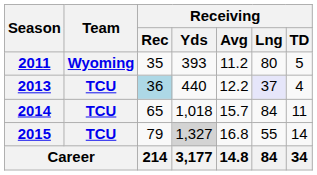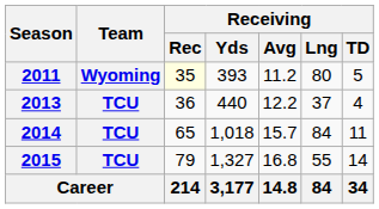 <table class="wikitable" style="text-align:center;">
 <tr>
 <th rowspan="2">Season</th>
 <th rowspan="2">Team</th>
 <th colspan="5">Receiving</th>
 </tr>
 <tr>
 <th>Rec</th>
 <th>Yds</th>
 <th>Avg</th>
 <th>Lng</th>
 <th>TD</th>
 </tr>
 <tr>
 <th><a href='#'>2011</a></th>
 <th><a href='#'>Wyoming</a></th>
-<td>35</td>
+<td style="background: lightyellow;">35</td>
 <td>393</td>
 <td>11.2</td>
 <td>80</td>
 <td>5</td>
 </tr>
 <tr>
 <th><a href='#'>2013</a></th>
 <th><a href='#'>TCU</a></th>
-<td style="background: lightblue;">36</td>
+<td>36</td>
 <td>440</td>
 <td>12.2</td>
-<td style="background: lavender;">37</td>
+<td>37</td>
 <td>4</td>
 </tr>
 <tr>
 <th><a href='#'>2014</a></th>
 <th><a href='#'>TCU</a></th>
 <td>65</td>
 <td>1,018</td>
 <td>15.7</td>
 <td>84</td>
 <td>11</td>
 </tr>
 <tr>
 <th><a href='#'>2015</a></th>
 <th><a href='#'>TCU</a></th>
 <td>79</td>
-<td style="background: lightgrey;">1,327</td>
+<td>1,327</td>
 <td>16.8</td>
 <td>55</td>
 <td>14</td>
 </tr>
 <tr>
 <th colspan="2">Career</th>
 <th>214</th>
 <th>3,177</th>
 <th>14.8</th>
 <th>84</th>
 <th>34</th>
 </tr>
 </table>
